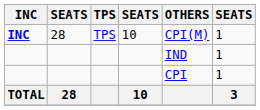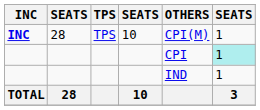 <table class="wikitable sortable">
 <tr>
 <th>INC</th>
 <th>SEATS</th>
 <th>TPS</th>
 <th>SEATS</th>
 <th>OTHERS</th>
 <th>SEATS</th>
 </tr>
 <tr>
 <td><strong><a href='#'>INC</a></strong></td>
 <td>28</td>
 <td><a href='#'>TPS</a></td>
 <td>10</td>
 <td><a href='#'>CPI(M)</a></td>
 <td>1</td>
 </tr>
 <tr>
 <td></td>
 <td></td>
 <td></td>
 <td></td>
-<td><a href='#'>IND</a></td>
-<td>1</td>
+<td><a href='#'>CPI</a></td>
+<td style="background: paleturquoise;">1</td>
 </tr>
 <tr>
 <td></td>
 <td></td>
 <td></td>
 <td></td>
-<td><a href='#'>CPI</a></td>
+<td><a href='#'>IND</a></td>
 <td>1</td>
 </tr>
 <tr>
 <th>TOTAL</th>
 <th>28</th>
 <th></th>
 <th>10</th>
 <th></th>
 <th>3</th>
 </tr>
 <tr>
 </tr>
 </table>
